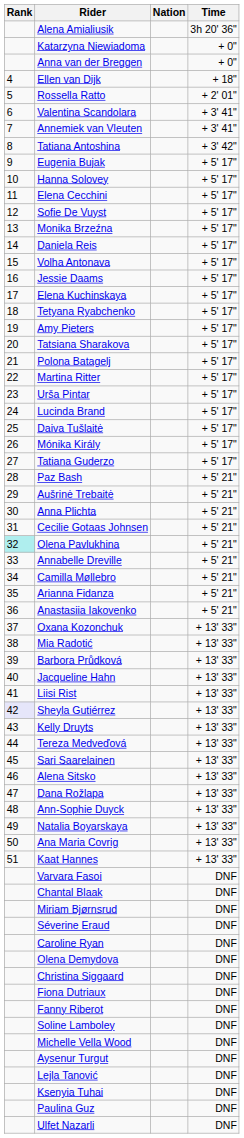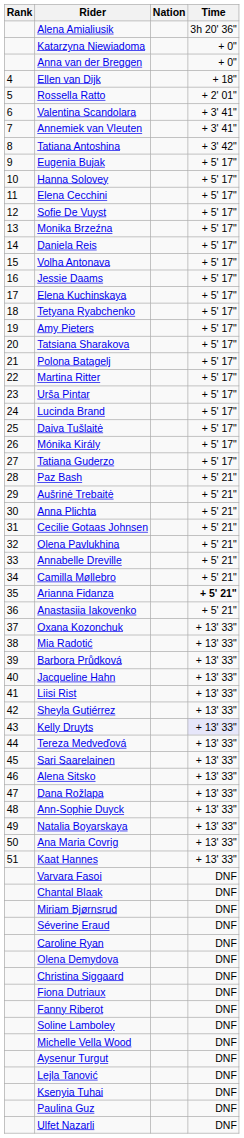 <table class="wikitable" style="font-size:95%">
 <tr>
 <th>Rank</th>
 <th>Rider</th>
 <th>Nation</th>
 <th>Time</th>
 </tr>
 <tr>
 <td></td>
 <td><a href='#'>Alena Amialiusik</a></td>
 <td></td>
 <td align=right>3h 20' 36"</td>
 </tr>
 <tr>
 <td></td>
 <td><a href='#'>Katarzyna Niewiadoma</a></td>
 <td></td>
 <td align=right>+ 0"</td>
 </tr>
 <tr>
 <td></td>
 <td><a href='#'>Anna van der Breggen</a></td>
 <td></td>
 <td align=right>+ 0"</td>
 </tr>
 <tr>
 <td>4</td>
 <td><a href='#'>Ellen van Dijk</a></td>
 <td></td>
 <td align=right>+ 18"</td>
 </tr>
 <tr>
 <td>5</td>
 <td><a href='#'>Rossella Ratto</a></td>
 <td></td>
 <td align=right>+ 2' 01"</td>
 </tr>
 <tr>
 <td>6</td>
 <td><a href='#'>Valentina Scandolara</a></td>
 <td></td>
 <td align=right>+ 3' 41"</td>
 </tr>
 <tr>
 <td>7</td>
 <td><a href='#'>Annemiek van Vleuten</a></td>
 <td></td>
 <td align=right>+ 3' 41"</td>
 </tr>
 <tr>
 <td>8</td>
 <td><a href='#'>Tatiana Antoshina</a></td>
 <td></td>
 <td align=right>+ 3' 42"</td>
 </tr>
 <tr>
 <td>9</td>
 <td><a href='#'>Eugenia Bujak</a></td>
 <td></td>
 <td align=right>+ 5' 17"</td>
 </tr>
 <tr>
 <td>10</td>
 <td><a href='#'>Hanna Solovey</a></td>
 <td></td>
 <td align=right>+ 5' 17"</td>
 </tr>
 <tr>
 <td>11</td>
 <td><a href='#'>Elena Cecchini</a></td>
 <td></td>
 <td align=right>+ 5' 17"</td>
 </tr>
 <tr>
 <td>12</td>
 <td><a href='#'>Sofie De Vuyst</a></td>
 <td></td>
 <td align=right>+ 5' 17"</td>
 </tr>
 <tr>
 <td>13</td>
 <td><a href='#'>Monika Brzeźna</a></td>
 <td></td>
 <td align=right>+ 5' 17"</td>
 </tr>
 <tr>
 <td>14</td>
 <td><a href='#'>Daniela Reis</a></td>
 <td></td>
 <td align=right>+ 5' 17"</td>
 </tr>
 <tr>
 <td>15</td>
 <td><a href='#'>Volha Antonava</a></td>
 <td></td>
 <td align=right>+ 5' 17"</td>
 </tr>
 <tr>
 <td>16</td>
 <td><a href='#'>Jessie Daams</a></td>
 <td></td>
 <td align=right>+ 5' 17"</td>
 </tr>
 <tr>
 <td>17</td>
 <td><a href='#'>Elena Kuchinskaya</a></td>
 <td></td>
 <td align=right>+ 5' 17"</td>
 </tr>
 <tr>
 <td>18</td>
 <td><a href='#'>Tetyana Ryabchenko</a></td>
 <td></td>
 <td align=right>+ 5' 17"</td>
 </tr>
 <tr>
 <td>19</td>
 <td><a href='#'>Amy Pieters</a></td>
 <td></td>
 <td align=right>+ 5' 17"</td>
 </tr>
 <tr>
 <td>20</td>
 <td><a href='#'>Tatsiana Sharakova</a></td>
 <td></td>
 <td align=right>+ 5' 17"</td>
 </tr>
 <tr>
 <td>21</td>
 <td><a href='#'>Polona Batagelj</a></td>
 <td></td>
 <td align=right>+ 5' 17"</td>
 </tr>
 <tr>
 <td>22</td>
 <td><a href='#'>Martina Ritter</a></td>
 <td></td>
 <td align=right>+ 5' 17"</td>
 </tr>
 <tr>
 <td>23</td>
 <td><a href='#'>Urša Pintar</a></td>
 <td></td>
 <td align=right>+ 5' 17"</td>
 </tr>
 <tr>
 <td>24</td>
 <td><a href='#'>Lucinda Brand</a></td>
 <td></td>
 <td align=right>+ 5' 17"</td>
 </tr>
 <tr>
 <td>25</td>
 <td><a href='#'>Daiva Tušlaitė</a></td>
 <td></td>
 <td align=right>+ 5' 17"</td>
 </tr>
 <tr>
 <td>26</td>
 <td><a href='#'>Mónika Király</a></td>
 <td></td>
 <td align=right>+ 5' 17"</td>
 </tr>
 <tr>
 <td>27</td>
 <td><a href='#'>Tatiana Guderzo</a></td>
 <td></td>
 <td align=right>+ 5' 17"</td>
 </tr>
 <tr>
 <td>28</td>
 <td><a href='#'>Paz Bash</a></td>
 <td></td>
 <td align=right>+ 5' 21"</td>
 </tr>
 <tr>
 <td>29</td>
 <td><a href='#'>Aušrinė Trebaitė</a></td>
 <td></td>
 <td align=right>+ 5' 21"</td>
 </tr>
 <tr>
 <td>30</td>
 <td><a href='#'>Anna Plichta</a></td>
 <td></td>
 <td align=right>+ 5' 21"</td>
 </tr>
 <tr>
 <td>31</td>
 <td><a href='#'>Cecilie Gotaas Johnsen</a></td>
 <td></td>
 <td align=right>+ 5' 21"</td>
 </tr>
 <tr>
-<td style="background: paleturquoise;">32</td>
+<td>32</td>
 <td><a href='#'>Olena Pavlukhina</a></td>
 <td></td>
 <td align=right>+ 5' 21"</td>
 </tr>
 <tr>
 <td>33</td>
 <td><a href='#'>Annabelle Dreville</a></td>
 <td></td>
 <td align=right>+ 5' 21"</td>
 </tr>
 <tr>
 <td>34</td>
 <td><a href='#'>Camilla Møllebro</a></td>
 <td></td>
 <td align=right>+ 5' 21"</td>
 </tr>
 <tr>
 <td>35</td>
 <td><a href='#'>Arianna Fidanza</a></td>
 <td></td>
-<td align=right>+ 5' 21"</td>
+<td align=right><strong>+ 5' 21"</strong></td>
 </tr>
 <tr>
 <td>36</td>
 <td><a href='#'>Anastasiia Iakovenko</a></td>
 <td></td>
 <td align=right>+ 5' 21"</td>
 </tr>
 <tr>
 <td>37</td>
 <td><a href='#'>Oxana Kozonchuk</a></td>
 <td></td>
 <td align=right>+ 13' 33"</td>
 </tr>
 <tr>
 <td>38</td>
 <td><a href='#'>Mia Radotić</a></td>
 <td></td>
 <td align=right>+ 13' 33"</td>
 </tr>
 <tr>
 <td>39</td>
 <td><a href='#'>Barbora Průdková</a></td>
 <td></td>
 <td align=right>+ 13' 33"</td>
 </tr>
 <tr>
 <td>40</td>
 <td><a href='#'>Jacqueline Hahn</a></td>
 <td></td>
 <td align=right>+ 13' 33"</td>
 </tr>
 <tr>
 <td>41</td>
 <td><a href='#'>Liisi Rist</a></td>
 <td></td>
 <td align=right>+ 13' 33"</td>
 </tr>
 <tr>
-<td style="background: lavender;">42</td>
+<td>42</td>
 <td><a href='#'>Sheyla Gutiérrez</a></td>
 <td></td>
 <td align=right>+ 13' 33"</td>
 </tr>
 <tr>
 <td>43</td>
 <td><a href='#'>Kelly Druyts</a></td>
 <td></td>
-<td align=right>+ 13' 33"</td>
+<td align=right style="background: lavender;">+ 13' 33"</td>
 </tr>
 <tr>
 <td>44</td>
 <td><a href='#'>Tereza Medveďová</a></td>
 <td></td>
 <td align=right>+ 13' 33"</td>
 </tr>
 <tr>
 <td>45</td>
 <td><a href='#'>Sari Saarelainen</a></td>
 <td></td>
 <td align=right>+ 13' 33"</td>
 </tr>
 <tr>
 <td>46</td>
 <td><a href='#'>Alena Sitsko</a></td>
 <td></td>
 <td align=right>+ 13' 33"</td>
 </tr>
 <tr>
 <td>47</td>
 <td><a href='#'>Dana Rožlapa</a></td>
 <td></td>
 <td align=right>+ 13' 33"</td>
 </tr>
 <tr>
 <td>48</td>
 <td><a href='#'>Ann-Sophie Duyck</a></td>
 <td></td>
 <td align=right>+ 13' 33"</td>
 </tr>
 <tr>
 <td>49</td>
 <td><a href='#'>Natalia Boyarskaya</a></td>
 <td></td>
 <td align=right>+ 13' 33"</td>
 </tr>
 <tr>
 <td>50</td>
 <td><a href='#'>Ana Maria Covrig</a></td>
 <td></td>
 <td align=right>+ 13' 33"</td>
 </tr>
 <tr>
 <td>51</td>
 <td><a href='#'>Kaat Hannes</a></td>
 <td></td>
 <td align=right>+ 13' 33"</td>
 </tr>
 <tr>
 <td></td>
 <td><a href='#'>Varvara Fasoi</a></td>
 <td></td>
 <td align=right>DNF</td>
 </tr>
 <tr>
 <td></td>
 <td><a href='#'>Chantal Blaak</a></td>
 <td></td>
 <td align=right>DNF</td>
 </tr>
 <tr>
 <td></td>
 <td><a href='#'>Miriam Bjørnsrud</a></td>
 <td></td>
 <td align=right>DNF</td>
 </tr>
 <tr>
 <td></td>
 <td><a href='#'>Séverine Eraud</a></td>
 <td></td>
 <td align=right>DNF</td>
 </tr>
 <tr>
 <td></td>
 <td><a href='#'>Caroline Ryan</a></td>
 <td></td>
 <td align=right>DNF</td>
 </tr>
 <tr>
 <td></td>
 <td><a href='#'>Olena Demydova</a></td>
 <td></td>
 <td align=right>DNF</td>
 </tr>
 <tr>
 <td></td>
 <td><a href='#'>Christina Siggaard</a></td>
 <td></td>
 <td align=right>DNF</td>
 </tr>
 <tr>
 <td></td>
 <td><a href='#'>Fiona Dutriaux</a></td>
 <td></td>
 <td align=right>DNF</td>
 </tr>
 <tr>
 <td></td>
 <td><a href='#'>Fanny Riberot</a></td>
 <td></td>
 <td align=right>DNF</td>
 </tr>
 <tr>
 <td></td>
 <td><a href='#'>Soline Lamboley</a></td>
 <td></td>
 <td align=right>DNF</td>
 </tr>
 <tr>
 <td></td>
 <td><a href='#'>Michelle Vella Wood</a></td>
 <td></td>
 <td align=right>DNF</td>
 </tr>
 <tr>
 <td></td>
 <td><a href='#'>Aysenur Turgut</a></td>
 <td></td>
 <td align=right>DNF</td>
 </tr>
 <tr>
 <td></td>
 <td><a href='#'>Lejla Tanović</a></td>
 <td></td>
 <td align=right>DNF</td>
 </tr>
 <tr>
 <td></td>
 <td><a href='#'>Ksenyia Tuhai</a></td>
 <td></td>
 <td align=right>DNF</td>
 </tr>
 <tr>
 <td></td>
 <td><a href='#'>Paulina Guz</a></td>
 <td></td>
 <td align=right>DNF</td>
 </tr>
 <tr>
 <td></td>
 <td><a href='#'>Ulfet Nazarli</a></td>
 <td></td>
 <td align=right>DNF</td>
 </tr>
 </table>
